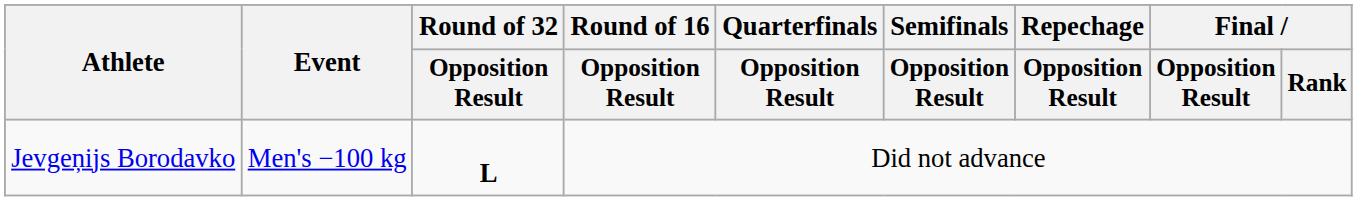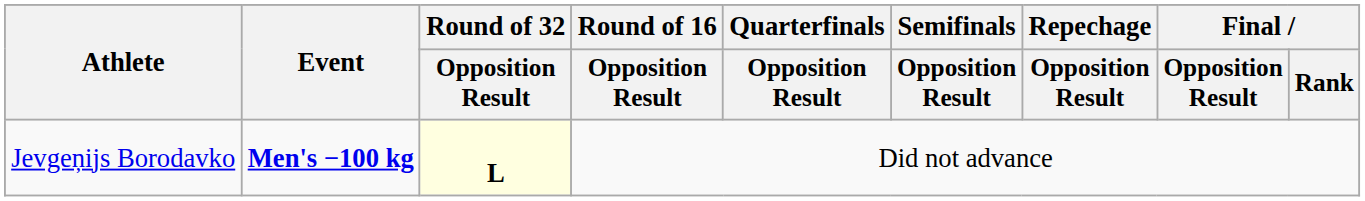 <table class="wikitable" style="font-size:90%">
 <tr>
 <th rowspan="2">Athlete</th>
 <th rowspan="2">Event</th>
 <th>Round of 32</th>
 <th>Round of 16</th>
 <th>Quarterfinals</th>
 <th>Semifinals</th>
 <th>Repechage</th>
 <th colspan=2>Final / </th>
 </tr>
 <tr style="font-size:95%">
 <th>Opposition<br>Result</th>
 <th>Opposition<br>Result</th>
 <th>Opposition<br>Result</th>
 <th>Opposition<br>Result</th>
 <th>Opposition<br>Result</th>
 <th>Opposition<br>Result</th>
 <th>Rank</th>
 </tr>
 <tr align=center>
 <td align=left><a href='#'>Jevgeņijs Borodavko</a></td>
-<td align=left><a href='#'>Men's −100 kg</a></td>
-<td><br><strong>L</strong> </td>
+<td align=left><strong><a href='#'>Men's −100 kg</a></strong></td>
+<td style="background: lightyellow;"><br><strong>L</strong> </td>
 <td colspan=6>Did not advance</td>
 </tr>
 </table>
